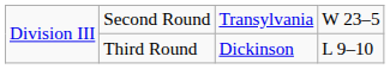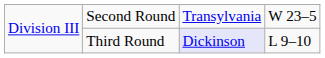 <table class="wikitable">
 <tr>
 <td rowspan="5"><a href='#'>Division III</a></td>
 <td>Second Round</td>
 <td><a href='#'>Transylvania</a></td>
 <td>W 23–5</td>
 </tr>
 <tr>
 <td>Third Round</td>
-<td><a href='#'>Dickinson</a></td>
+<td style="background: lavender;"><a href='#'>Dickinson</a></td>
 <td>L 9–10</td>
 </tr>
 </table>
